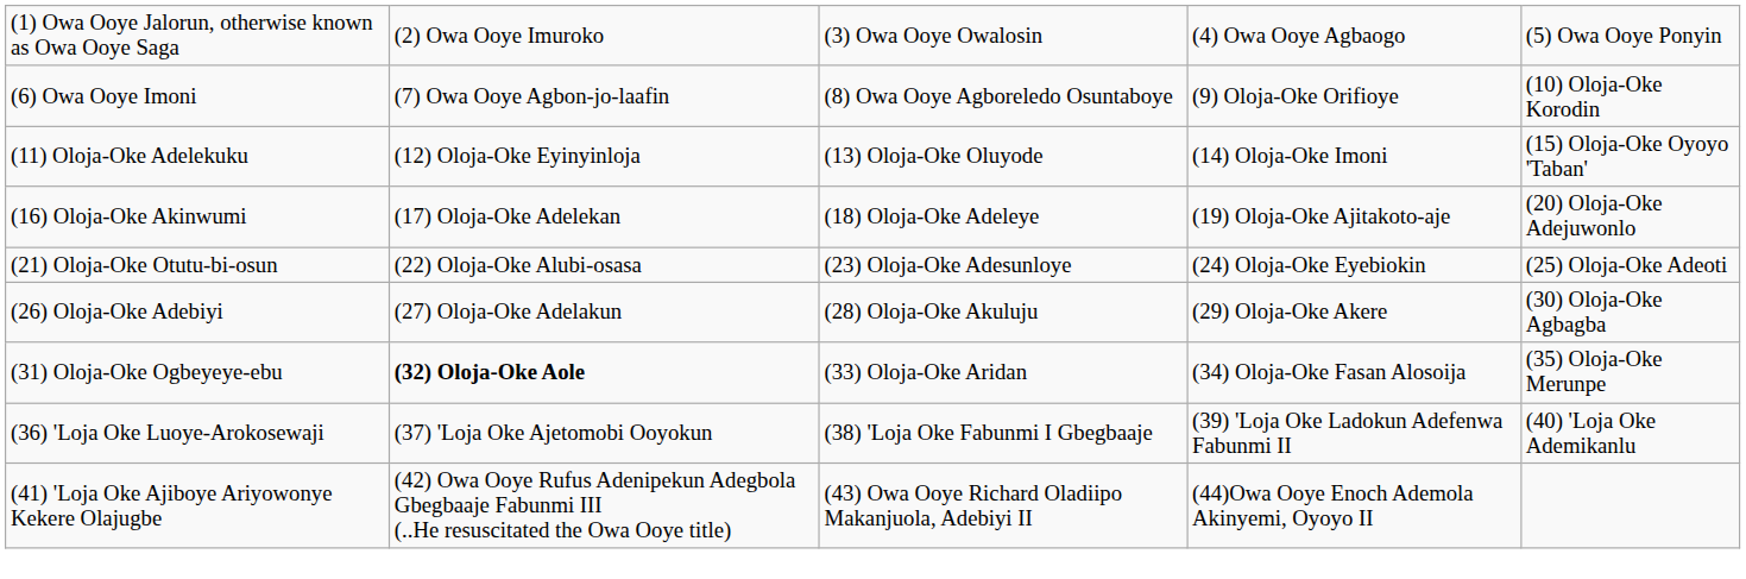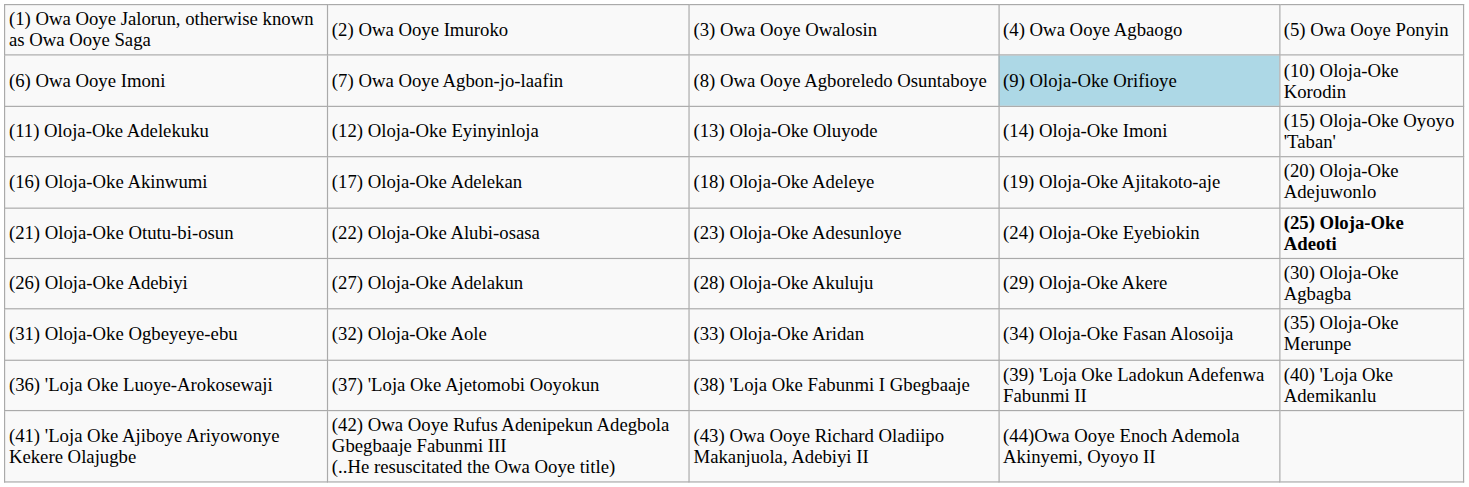 <table class="wikitable">
 <tr>
 <td>(1) Owa Ooye Jalorun, otherwise known as Owa Ooye Saga</td>
 <td>(2) Owa Ooye Imuroko</td>
 <td>(3) Owa Ooye Owalosin</td>
 <td>(4) Owa Ooye Agbaogo</td>
 <td>(5) Owa Ooye Ponyin</td>
 </tr>
 <tr>
 <td>(6) Owa Ooye Imoni</td>
 <td>(7) Owa Ooye Agbon-jo-laafin</td>
 <td>(8) Owa Ooye Agboreledo Osuntaboye</td>
-<td>(9) Oloja-Oke Orifioye</td>
+<td style="background: lightblue;">(9) Oloja-Oke Orifioye</td>
 <td>(10) Oloja-Oke Korodin</td>
 </tr>
 <tr>
 <td>(11) Oloja-Oke Adelekuku</td>
 <td>(12) Oloja-Oke Eyinyinloja</td>
 <td>(13) Oloja-Oke Oluyode</td>
 <td>(14) Oloja-Oke Imoni</td>
 <td>(15) Oloja-Oke Oyoyo 'Taban'</td>
 </tr>
 <tr>
 <td>(16) Oloja-Oke Akinwumi</td>
 <td>(17) Oloja-Oke Adelekan</td>
 <td>(18) Oloja-Oke Adeleye</td>
 <td>(19) Oloja-Oke Ajitakoto-aje</td>
 <td>(20) Oloja-Oke Adejuwonlo</td>
 </tr>
 <tr>
 <td>(21) Oloja-Oke Otutu-bi-osun</td>
 <td>(22) Oloja-Oke Alubi-osasa</td>
 <td>(23) Oloja-Oke Adesunloye</td>
 <td>(24) Oloja-Oke Eyebiokin</td>
-<td>(25) Oloja-Oke Adeoti</td>
+<td><strong>(25) Oloja-Oke Adeoti</strong></td>
 </tr>
 <tr>
 <td>(26) Oloja-Oke Adebiyi</td>
 <td>(27) Oloja-Oke Adelakun</td>
 <td>(28) Oloja-Oke Akuluju</td>
 <td>(29) Oloja-Oke Akere</td>
 <td>(30) Oloja-Oke Agbagba</td>
 </tr>
 <tr>
 <td>(31) Oloja-Oke Ogbeyeye-ebu</td>
-<td><strong>(32) Oloja-Oke Aole</strong></td>
+<td>(32) Oloja-Oke Aole</td>
 <td>(33) Oloja-Oke Aridan</td>
 <td>(34) Oloja-Oke Fasan Alosoija</td>
 <td>(35) Oloja-Oke Merunpe</td>
 </tr>
 <tr>
 <td>(36) 'Loja Oke Luoye-Arokosewaji</td>
 <td>(37) 'Loja Oke Ajetomobi Ooyokun</td>
 <td>(38) 'Loja Oke Fabunmi I Gbegbaaje</td>
 <td>(39) 'Loja Oke Ladokun Adefenwa Fabunmi II</td>
 <td>(40) 'Loja Oke Ademikanlu</td>
 </tr>
 <tr>
 <td>(41) 'Loja Oke Ajiboye Ariyowonye Kekere Olajugbe</td>
 <td>(42) Owa Ooye Rufus Adenipekun Adegbola Gbegbaaje Fabunmi III<br>(..He resuscitated the Owa Ooye title)</td>
 <td>(43) Owa Ooye Richard Oladiipo Makanjuola, Adebiyi II</td>
 <td>(44)Owa Ooye Enoch Ademola Akinyemi, Oyoyo II</td>
 <td></td>
 </tr>
 </table>
